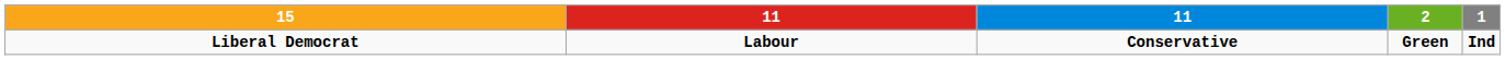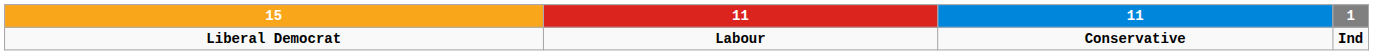 <table class="wikitable" style="width:100%; text-align:center;">
 <tr style="color:white;">
 <td style="background:#faa61a; width:37.5%;"><strong>15</strong></td>
 <td style="background:#dc241f; width:27.5%"><strong>11</strong></td>
 <td style="background:#0087dc; width:27.5%;"><strong>11</strong></td>
-<td style="background:#6AB023; width:5.0%;"><strong>2</strong></td>
 <td style="background:grey; width:2.5%"><strong>1</strong></td>
 </tr>
 <tr>
 <td><span><strong>Liberal Democrat</strong></span></td>
 <td><span><strong>Labour</strong></span></td>
 <td><span><strong>Conservative</strong></span></td>
-<td><span><strong>Green</strong></span></td>
 <td><span><strong>Ind</strong></span></td>
 </tr>
 </table>
